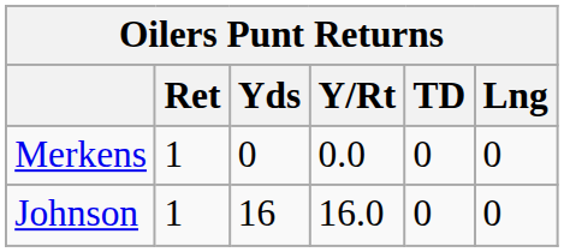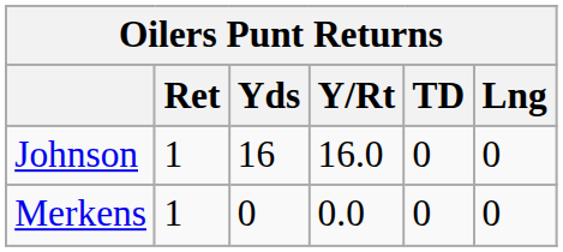 <table class="wikitable">
 <tr>
 <th colspan="6">Oilers Punt Returns</th>
 </tr>
 <tr>
 <th></th>
 <th>Ret</th>
 <th>Yds</th>
 <th>Y/Rt</th>
 <th>TD</th>
 <th>Lng</th>
 </tr>
 <tr>
+<td><a href='#'>Johnson</a></td>
+<td>1</td>
+<td>16</td>
+<td>16.0</td>
+<td>0</td>
+<td>0</td>
+</tr>
+<tr>
 <td><a href='#'>Merkens</a></td>
 <td>1</td>
 <td>0</td>
 <td>0.0</td>
 <td>0</td>
 <td>0</td>
 </tr>
-<tr>
-<td><a href='#'>Johnson</a></td>
-<td>1</td>
-<td>16</td>
-<td>16.0</td>
-<td>0</td>
-<td>0</td>
-</tr>
 </table>
